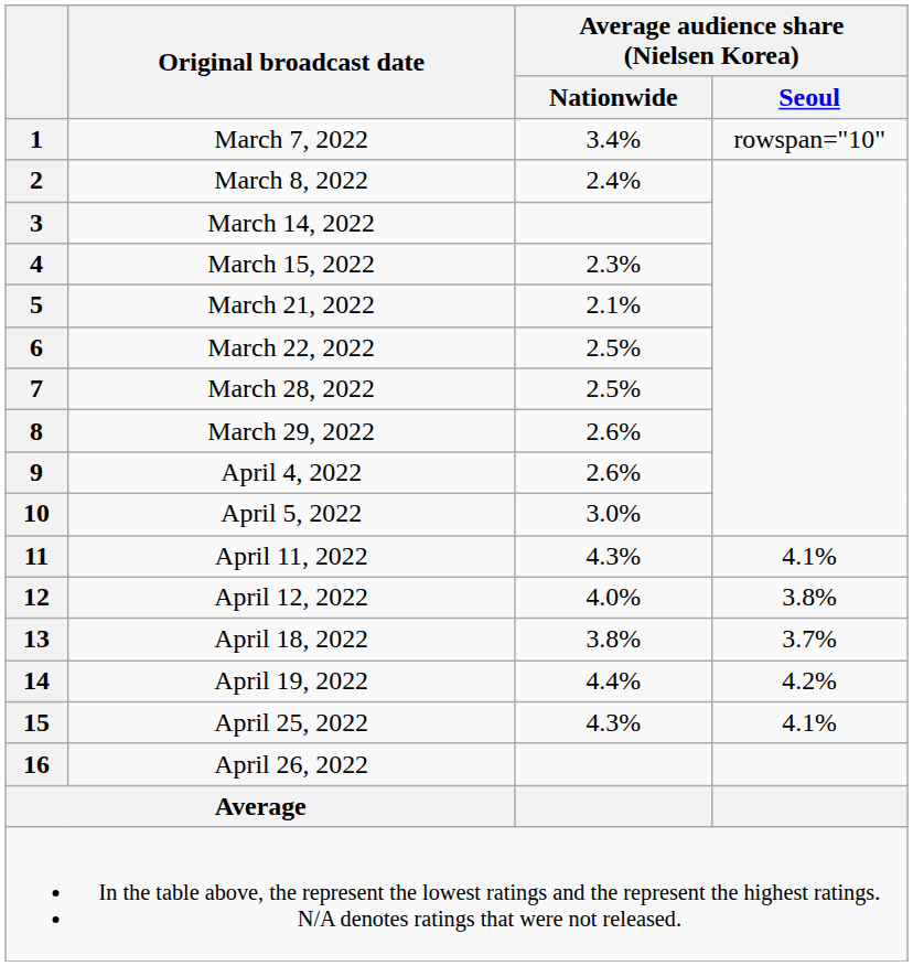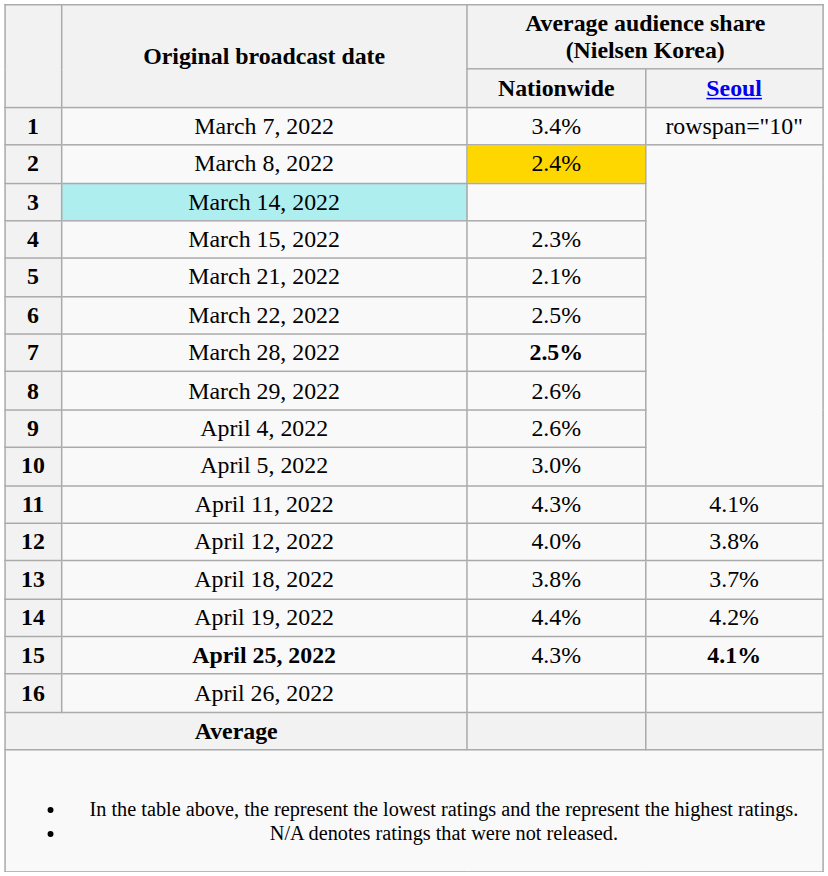 <table class="wikitable" style="margin-left:auto; margin-right:auto; width:550px; text-align:center">
 <tr>
 <th scope="col" rowspan="2"></th>
 <th scope="col" rowspan="2">Original broadcast date</th>
 <th scope="col" colspan="2">Average audience share<br>(Nielsen Korea)</th>
 </tr>
 <tr>
 <th scope="col" style="width:7em">Nationwide</th>
 <th scope="col" style="width:7em"><a href='#'>Seoul</a></th>
 </tr>
 <tr>
 <th scope="col">1</th>
 <td>March 7, 2022</td>
 <td>3.4% </td>
 <td>rowspan="10" </td>
 </tr>
 <tr>
 <th scope="col">2</th>
 <td>March 8, 2022</td>
-<td>2.4% </td>
+<td style="background: gold;">2.4% </td>
 </tr>
 <tr>
 <th scope="col">3</th>
-<td>March 14, 2022</td>
+<td style="background: paleturquoise;">March 14, 2022</td>
 <td><strong></strong> </td>
 </tr>
 <tr>
 <th scope="col">4</th>
 <td>March 15, 2022</td>
 <td>2.3% </td>
 </tr>
 <tr>
 <th scope="col">5</th>
 <td>March 21, 2022</td>
 <td>2.1% </td>
 </tr>
 <tr>
 <th scope="col">6</th>
 <td>March 22, 2022</td>
 <td>2.5% </td>
 </tr>
 <tr>
 <th scope="col">7</th>
 <td>March 28, 2022</td>
-<td>2.5% </td>
+<td><strong>2.5% </strong></td>
 </tr>
 <tr>
 <th scope="col">8</th>
 <td>March 29, 2022</td>
 <td>2.6% </td>
 </tr>
 <tr>
 <th scope="col">9</th>
 <td>April 4, 2022</td>
 <td>2.6% </td>
 </tr>
 <tr>
 <th scope="col">10</th>
 <td>April 5, 2022</td>
 <td>3.0% </td>
 </tr>
 <tr>
 <th scope="col">11</th>
 <td>April 11, 2022</td>
 <td>4.3% </td>
 <td>4.1% </td>
 </tr>
 <tr>
 <th scope="col">12</th>
 <td>April 12, 2022</td>
 <td>4.0% </td>
 <td>3.8% </td>
 </tr>
 <tr>
 <th scope="col">13</th>
 <td>April 18, 2022</td>
 <td>3.8% </td>
 <td>3.7% </td>
 </tr>
 <tr>
 <th scope="col">14</th>
 <td>April 19, 2022</td>
 <td>4.4% </td>
 <td>4.2% </td>
 </tr>
 <tr>
 <th scope="col">15</th>
-<td>April 25, 2022</td>
+<td><strong>April 25, 2022</strong></td>
 <td>4.3% </td>
-<td>4.1% </td>
+<td><strong>4.1% </strong></td>
 </tr>
 <tr>
 <th scope="col">16</th>
 <td>April 26, 2022</td>
 <td><strong></strong> </td>
 <td><strong></strong> </td>
 </tr>
 <tr>
 <th scope="col" colspan="2">Average</th>
 <th scope="col"></th>
 <th scope="col"></th>
 </tr>
 <tr>
 <td colspan="4" style="font-size:85%"><br><ul><li>In the table above, the <strong></strong> represent the lowest ratings and the <strong></strong> represent the highest ratings.</li><li>N/A denotes ratings that were not released.</li></ul></td>
 </tr>
 </table>
